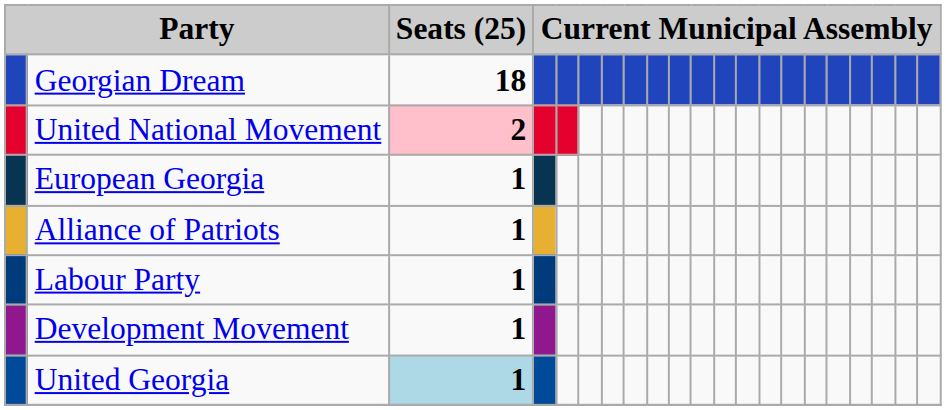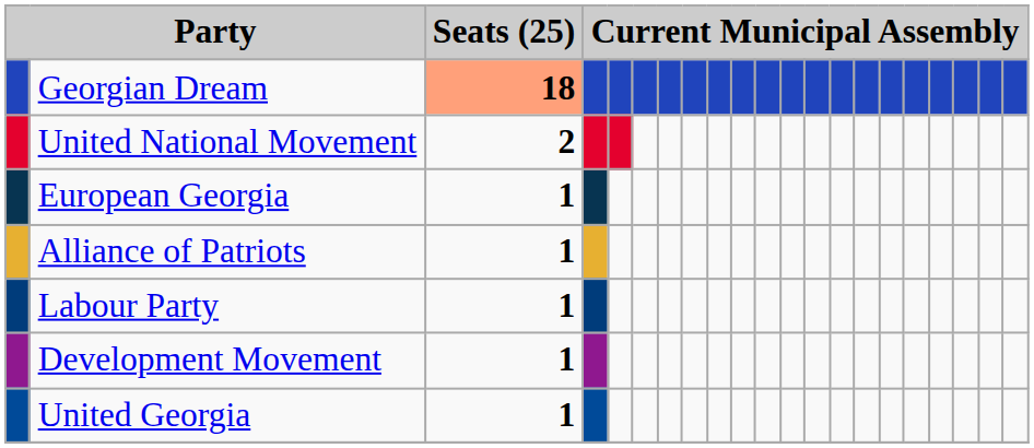 <table class="wikitable">
 <tr>
 <th style="background:#ccc" colspan="2">Party</th>
 <th style="background:#ccc">Seats (25)</th>
 <th style="background:#ccc" colspan="25">Current Municipal Assembly</th>
 </tr>
 <tr>
 <td style="background-color: #2044BC"> </td>
 <td><a href='#'>Georgian Dream</a></td>
-<td style="text-align: right"><strong>18</strong></td>
+<td style="background: lightsalmon; text-align: right"><strong>18</strong></td>
 <td style="background-color: #2044BC"> </td>
 <td style="background-color: #2044BC"> </td>
 <td style="background-color: #2044BC"> </td>
 <td style="background-color: #2044BC"> </td>
 <td style="background-color: #2044BC"> </td>
 <td style="background-color: #2044BC"> </td>
 <td style="background-color: #2044BC"> </td>
 <td style="background-color: #2044BC"> </td>
 <td style="background-color: #2044BC"> </td>
 <td style="background-color: #2044BC"> </td>
 <td style="background-color: #2044BC"> </td>
 <td style="background-color: #2044BC"> </td>
 <td style="background-color: #2044BC"> </td>
 <td style="background-color: #2044BC"> </td>
 <td style="background-color: #2044BC"> </td>
 <td style="background-color: #2044BC"> </td>
 <td style="background-color: #2044BC"> </td>
 <td style="background-color: #2044BC"> </td>
 </tr>
 <tr>
 <td style="background-color: #e4012e"> </td>
 <td><a href='#'>United National Movement</a></td>
-<td style="background: pink; text-align: right"><strong>2</strong></td>
+<td style="text-align: right"><strong>2</strong></td>
 <td style="background-color: #e4012e"> </td>
 <td style="background-color: #e4012e"> </td>
 <td> </td>
 <td> </td>
 <td> </td>
 <td> </td>
 <td> </td>
 <td> </td>
 <td> </td>
 <td> </td>
 <td> </td>
 <td> </td>
 <td> </td>
 <td> </td>
 <td> </td>
 <td> </td>
 <td> </td>
 <td> </td>
 </tr>
 <tr>
 <td style="background-color: #073451"> </td>
 <td><a href='#'>European Georgia</a></td>
 <td style="text-align: right"><strong>1</strong></td>
 <td style="background-color: #073451"> </td>
 <td> </td>
 <td> </td>
 <td> </td>
 <td> </td>
 <td> </td>
 <td> </td>
 <td> </td>
 <td> </td>
 <td> </td>
 <td> </td>
 <td> </td>
 <td> </td>
 <td> </td>
 <td> </td>
 <td> </td>
 <td> </td>
 <td> </td>
 </tr>
 <tr>
 <td style="background-color: #E7B031"> </td>
 <td><a href='#'>Alliance of Patriots</a></td>
 <td style="text-align: right"><strong>1</strong></td>
 <td style="background-color: #E7B031"> </td>
 <td> </td>
 <td> </td>
 <td> </td>
 <td> </td>
 <td> </td>
 <td> </td>
 <td> </td>
 <td> </td>
 <td> </td>
 <td> </td>
 <td> </td>
 <td> </td>
 <td> </td>
 <td> </td>
 <td> </td>
 <td> </td>
 <td> </td>
 </tr>
 <tr>
 <td style="background-color: #003C7B"> </td>
 <td><a href='#'>Labour Party</a></td>
 <td style="text-align: right"><strong>1</strong></td>
 <td style="background-color: #003C7B"> </td>
 <td> </td>
 <td> </td>
 <td> </td>
 <td> </td>
 <td> </td>
 <td> </td>
 <td> </td>
 <td> </td>
 <td> </td>
 <td> </td>
 <td> </td>
 <td> </td>
 <td> </td>
 <td> </td>
 <td> </td>
 <td> </td>
 <td> </td>
 </tr>
 <tr>
 <td style="background-color: #8F188F"> </td>
 <td><a href='#'>Development Movement</a></td>
 <td style="text-align: right"><strong>1</strong></td>
 <td style="background-color: #8F188F"> </td>
 <td> </td>
 <td> </td>
 <td> </td>
 <td> </td>
 <td> </td>
 <td> </td>
 <td> </td>
 <td> </td>
 <td> </td>
 <td> </td>
 <td> </td>
 <td> </td>
 <td> </td>
 <td> </td>
 <td> </td>
 <td> </td>
 <td> </td>
 </tr>
 <tr>
 <td style="background-color: #004a99"> </td>
 <td><a href='#'>United Georgia</a></td>
-<td style="background: lightblue; text-align: right"><strong>1</strong></td>
+<td style="text-align: right"><strong>1</strong></td>
 <td style="background-color: #004a99"> </td>
 <td> </td>
 <td> </td>
 <td> </td>
 <td> </td>
 <td> </td>
 <td> </td>
 <td> </td>
 <td> </td>
 <td> </td>
 <td> </td>
 <td> </td>
 <td> </td>
 <td> </td>
 <td> </td>
 <td> </td>
 <td> </td>
 <td> </td>
 </tr>
 <tr>
 </tr>
 </table>
